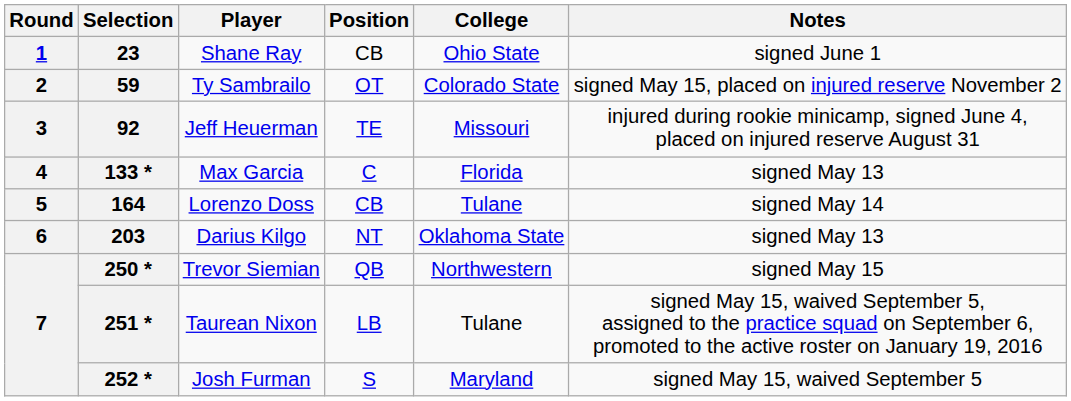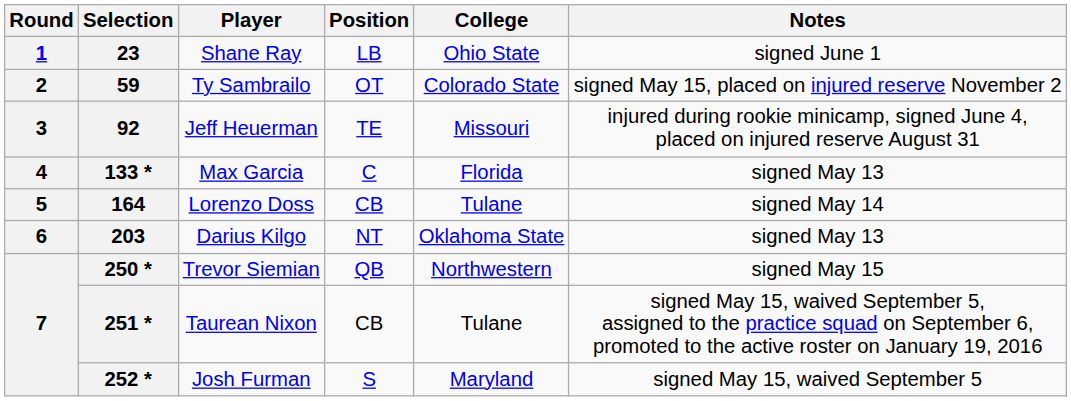 <table class="wikitable" style="text-align:center">
 <tr>
 <th>Round</th>
 <th>Selection</th>
 <th>Player</th>
 <th>Position</th>
 <th>College</th>
 <th>Notes</th>
 </tr>
 <tr>
 <th><a href='#'>1</a></th>
 <th>23</th>
 <td><a href='#'>Shane Ray</a></td>
-<td>CB</td>
+<td><a href='#'>LB</a></td>
 <td><a href='#'>Ohio State</a></td>
 <td>signed June 1</td>
 </tr>
 <tr>
 <th>2</th>
 <th>59</th>
 <td><a href='#'>Ty Sambrailo</a></td>
 <td><a href='#'>OT</a></td>
 <td><a href='#'>Colorado State</a></td>
 <td>signed May 15, placed on <a href='#'>injured reserve</a> November 2</td>
 </tr>
 <tr>
 <th>3</th>
 <th>92</th>
 <td><a href='#'>Jeff Heuerman</a></td>
 <td><a href='#'>TE</a></td>
 <td><a href='#'>Missouri</a></td>
 <td>injured during rookie minicamp, signed June 4,<br>placed on injured reserve August 31</td>
 </tr>
 <tr>
 <th>4</th>
 <th>133 *</th>
 <td><a href='#'>Max Garcia</a></td>
 <td><a href='#'>C</a></td>
 <td><a href='#'>Florida</a></td>
 <td>signed May 13</td>
 </tr>
 <tr>
 <th>5</th>
 <th>164</th>
 <td><a href='#'>Lorenzo Doss</a></td>
 <td><a href='#'>CB</a></td>
 <td><a href='#'>Tulane</a></td>
 <td>signed May 14</td>
 </tr>
 <tr>
 <th>6</th>
 <th>203</th>
 <td><a href='#'>Darius Kilgo</a></td>
 <td><a href='#'>NT</a></td>
 <td><a href='#'>Oklahoma State</a></td>
 <td>signed May 13</td>
 </tr>
 <tr>
 <th rowspan=3>7</th>
 <th>250 *</th>
 <td><a href='#'>Trevor Siemian</a></td>
 <td><a href='#'>QB</a></td>
 <td><a href='#'>Northwestern</a></td>
 <td>signed May 15</td>
 </tr>
 <tr>
 <th>251 *</th>
 <td><a href='#'>Taurean Nixon</a></td>
-<td><a href='#'>LB</a></td>
+<td>CB</td>
 <td>Tulane</td>
 <td>signed May 15, waived September 5,<br>assigned to the <a href='#'>practice squad</a> on September 6,<br>promoted to the active roster on January 19, 2016</td>
 </tr>
 <tr>
 <th>252 *</th>
 <td><a href='#'>Josh Furman</a></td>
 <td><a href='#'>S</a></td>
 <td><a href='#'>Maryland</a></td>
 <td>signed May 15, waived September 5</td>
 </tr>
 </table>
